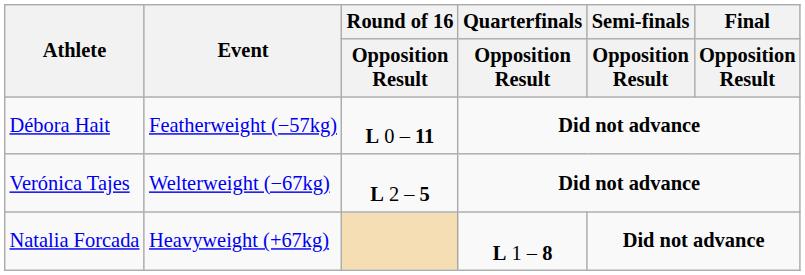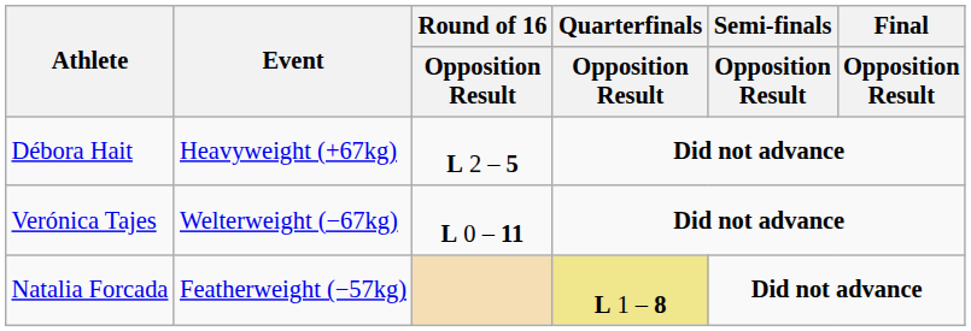 <table class="wikitable" border="1" style="font-size:90%">
 <tr>
 <th rowspan=2>Athlete</th>
 <th rowspan=2>Event</th>
 <th>Round of 16</th>
 <th>Quarterfinals</th>
 <th>Semi-finals</th>
 <th>Final</th>
 </tr>
 <tr>
 <th>Opposition<br>Result</th>
 <th>Opposition<br>Result</th>
 <th>Opposition<br>Result</th>
 <th>Opposition<br>Result</th>
 </tr>
 <tr>
 <td><a href='#'>Débora Hait</a></td>
-<td><a href='#'>Featherweight (−57kg)</a></td>
-<td align=center><br><strong>L</strong> 0 – <strong>11</strong></td>
+<td><a href='#'>Heavyweight (+67kg)</a></td>
+<td align=center><br><strong>L</strong> 2 – <strong>5</strong></td>
 <td align="center" colspan="7"><strong>Did not advance</strong></td>
 </tr>
 <tr>
 <td><a href='#'>Verónica Tajes</a></td>
 <td><a href='#'>Welterweight (−67kg)</a></td>
-<td align=center><br><strong>L</strong> 2 – <strong>5</strong></td>
+<td align=center><br><strong>L</strong> 0 – <strong>11</strong></td>
 <td align="center" colspan="7"><strong>Did not advance</strong></td>
 </tr>
 <tr>
 <td><a href='#'>Natalia Forcada</a></td>
-<td><a href='#'>Heavyweight (+67kg)</a></td>
+<td><a href='#'>Featherweight (−57kg)</a></td>
 <td align=center bgcolor=wheat></td>
-<td align=center><br><strong>L</strong> 1 – <strong>8</strong></td>
+<td align=center style="background: khaki;"><br><strong>L</strong> 1 – <strong>8</strong></td>
 <td align="center" colspan="7"><strong>Did not advance</strong></td>
 </tr>
 </table>
